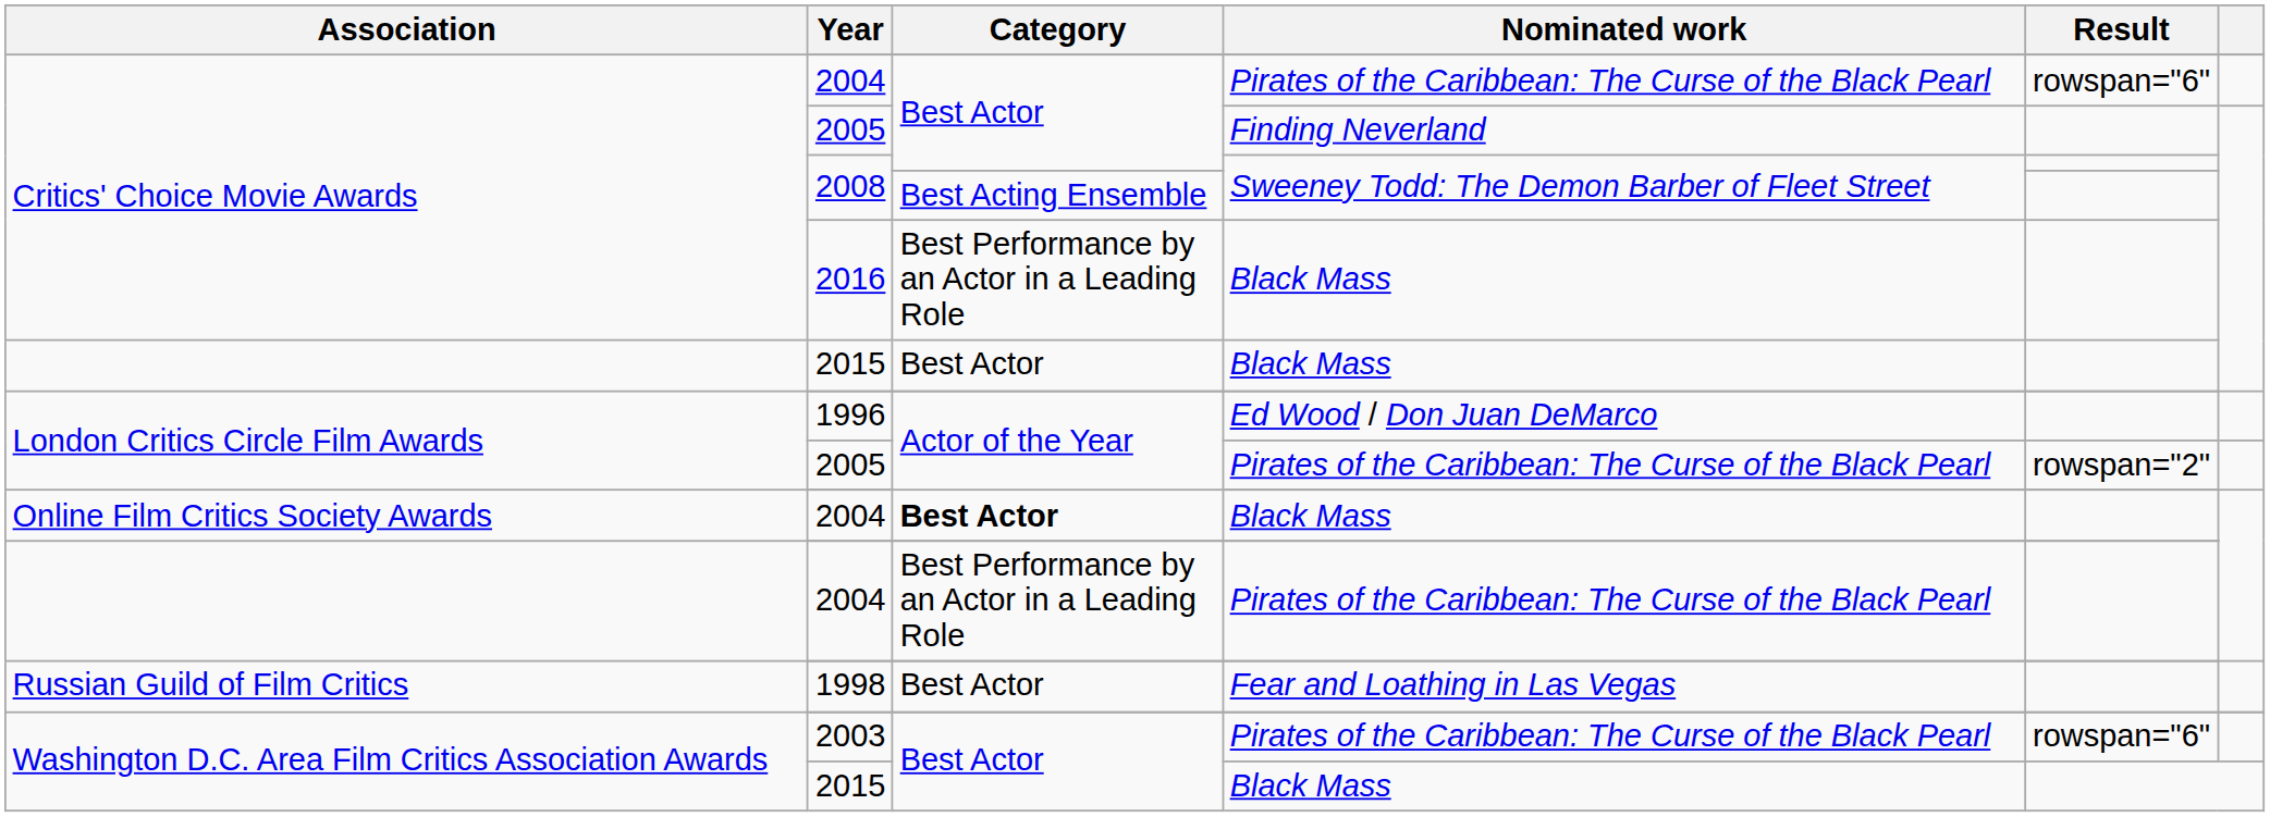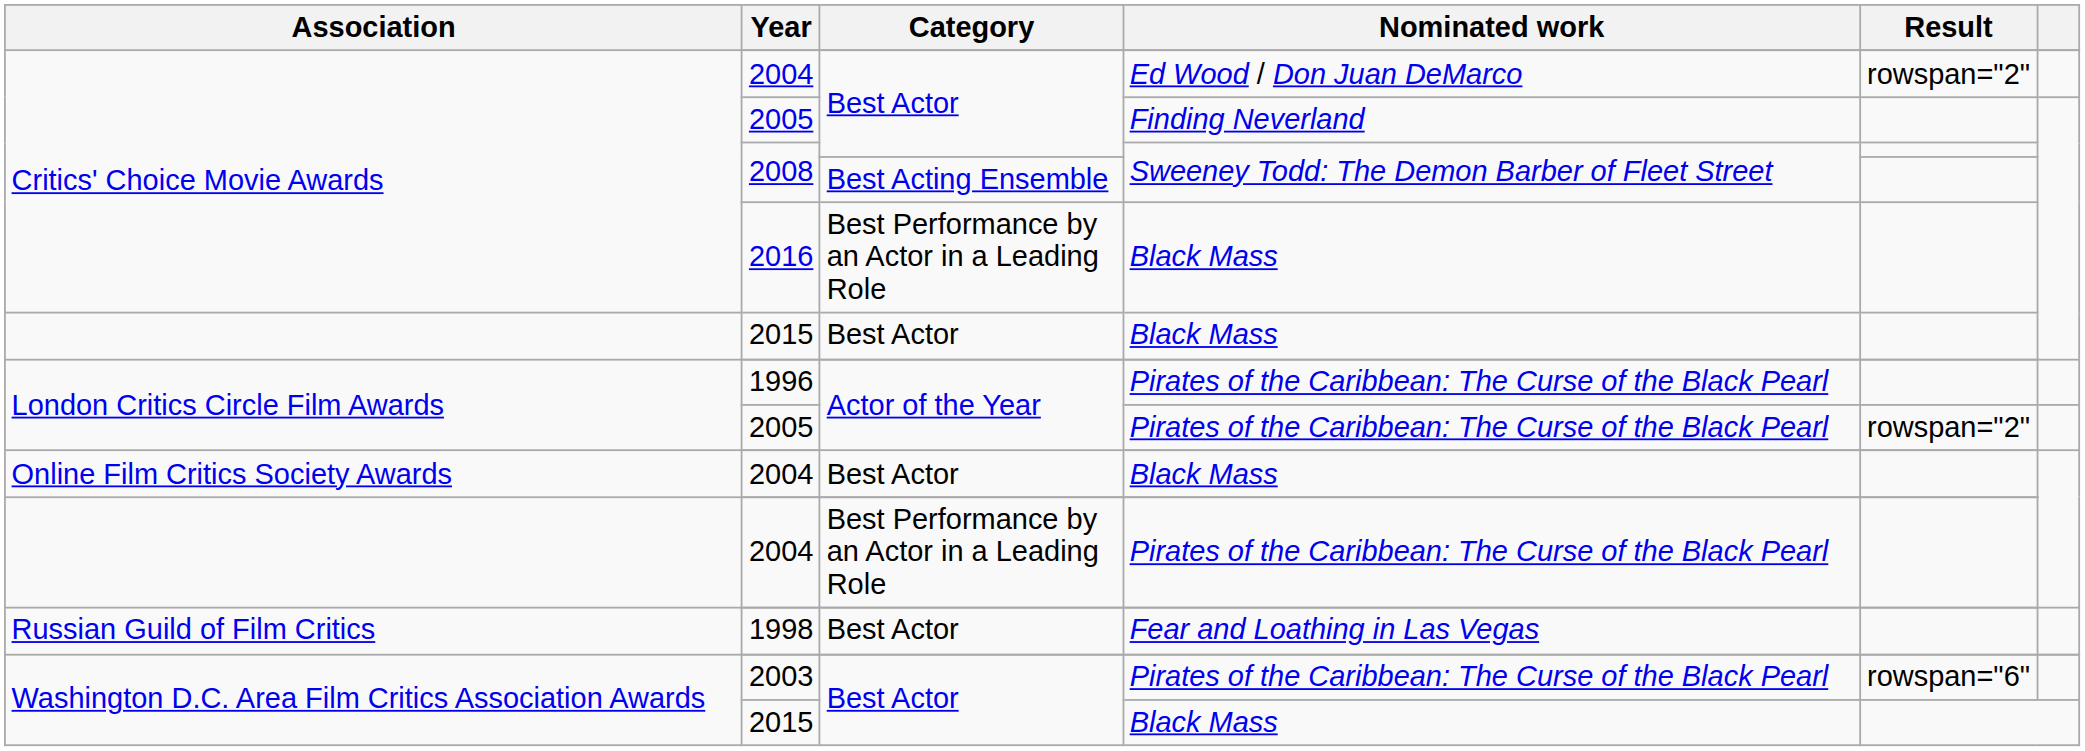 <table class= "wikitable plainrowheaders sortable">
 <tr>
 <th scope="col" style="width:25em;">Association</th>
 <th scope="col" style="width:1em;">Year</th>
 <th scope="col" style="width:10em;">Category</th>
 <th scope="col" style="width:25em;">Nominated work</th>
 <th scope="col" style="width:5em;">Result</th>
 <th scope="col" style="width:1em;" class="unsortable"></th>
 </tr>
 <tr>
 <td scope="row" rowspan="6"><a href='#'>Critics' Choice Movie Awards</a></td>
 </tr>
 <tr>
 <td><a href='#'>2004</a></td>
 <td rowspan="3"><a href='#'>Best Actor</a></td>
-<td><em><a href='#'>Pirates of the Caribbean: The Curse of the Black Pearl</a></em></td>
-<td>rowspan="6" </td>
+<td><em><a href='#'>Ed Wood</a></em> / <em><a href='#'>Don Juan DeMarco</a></em></td>
+<td>rowspan="2" </td>
 <td></td>
 </tr>
 <tr>
 <td><a href='#'>2005</a></td>
 <td><em><a href='#'>Finding Neverland</a></em></td>
 <td></td>
 </tr>
 <tr>
 <td rowspan=2><a href='#'>2008</a></td>
 <td rowspan=2><em><a href='#'>Sweeney Todd: The Demon Barber of Fleet Street</a></em></td>
 <td></td>
 </tr>
 <tr>
 <td><a href='#'>Best Acting Ensemble</a></td>
 <td></td>
 </tr>
 <tr>
 <td><a href='#'>2016</a></td>
 <td>Best Performance by an Actor in a Leading Role</td>
 <td><em><a href='#'>Black Mass</a></em></td>
 <td></td>
 </tr>
 <tr>
 <td scope="row"></td>
 <td>2015</td>
 <td>Best Actor</td>
 <td><em><a href='#'>Black Mass</a></em></td>
 <td></td>
 </tr>
 <tr>
 <td scope="row" rowspan="3"><a href='#'>London Critics Circle Film Awards</a></td>
 </tr>
 <tr>
 <td>1996</td>
 <td rowspan="3"><a href='#'>Actor of the Year</a></td>
-<td><em><a href='#'>Ed Wood</a></em> / <em><a href='#'>Don Juan DeMarco</a></em></td>
+<td><em><a href='#'>Pirates of the Caribbean: The Curse of the Black Pearl</a></em></td>
 <td></td>
 <td></td>
 </tr>
 <tr>
 <td>2005</td>
 <td><em><a href='#'>Pirates of the Caribbean: The Curse of the Black Pearl</a></em></td>
 <td>rowspan="2" </td>
 <td></td>
 </tr>
 <tr>
 <td scope="row" rowspan="2"><a href='#'>Online Film Critics Society Awards</a></td>
 </tr>
 <tr>
 <td>2004</td>
-<td><strong>Best Actor</strong></td>
+<td>Best Actor</td>
 <td><em><a href='#'>Black Mass</a></em></td>
 <td></td>
 </tr>
 <tr>
 <td scope="row" rowspan="2"></td>
 </tr>
 <tr>
 <td>2004</td>
 <td>Best Performance by an Actor in a Leading Role</td>
 <td><em><a href='#'>Pirates of the Caribbean: The Curse of the Black Pearl</a></em></td>
 <td></td>
 </tr>
 <tr>
 <td scope="row" rowspan="2"><a href='#'>Russian Guild of Film Critics</a></td>
 </tr>
 <tr>
 <td>1998</td>
 <td>Best Actor</td>
 <td><em><a href='#'>Fear and Loathing in Las Vegas</a></em></td>
 <td></td>
 <td></td>
 </tr>
 <tr>
 <td scope="row" rowspan="3"><a href='#'>Washington D.C. Area Film Critics Association Awards</a></td>
 </tr>
 <tr>
 <td>2003</td>
 <td rowspan="2"><a href='#'>Best Actor</a></td>
 <td><em><a href='#'>Pirates of the Caribbean: The Curse of the Black Pearl</a></em></td>
 <td>rowspan="6" </td>
 <td></td>
 </tr>
 <tr>
 <td>2015</td>
 <td><em><a href='#'>Black Mass</a></em></td>
 </tr>
 </table>
